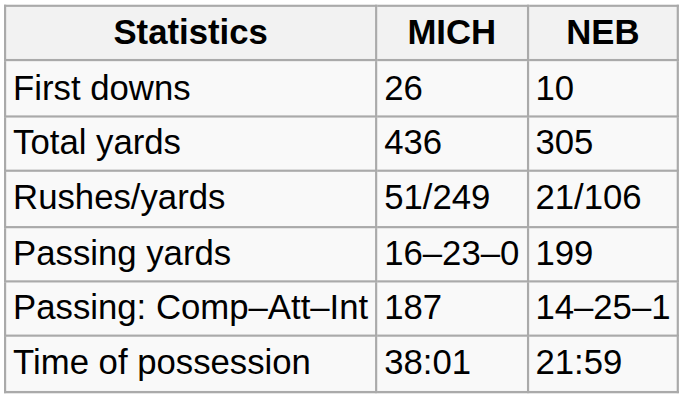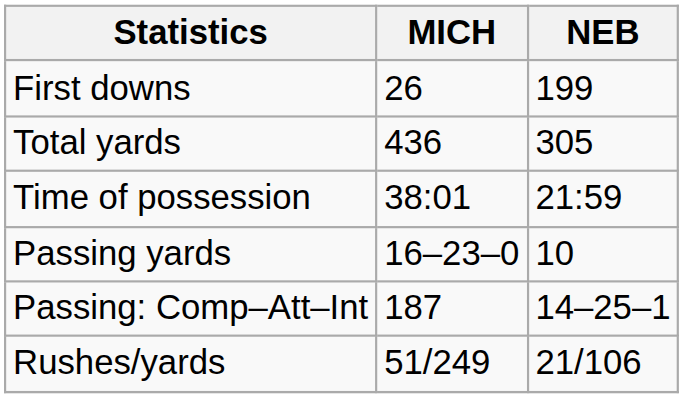 <table class="wikitable" style="float: left;">
 <tr>
 <th>Statistics</th>
 <th>MICH</th>
 <th>NEB</th>
 </tr>
 <tr>
 <td>First downs</td>
 <td>26</td>
-<td>10</td>
+<td>199</td>
 </tr>
 <tr>
 <td>Total yards</td>
 <td>436</td>
 <td>305</td>
 </tr>
 <tr>
-<td>Rushes/yards</td>
-<td>51/249</td>
-<td>21/106</td>
+<td>Time of possession</td>
+<td>38:01</td>
+<td>21:59</td>
 </tr>
 <tr>
 <td>Passing yards</td>
 <td>16–23–0</td>
-<td>199</td>
+<td>10</td>
 </tr>
 <tr>
 <td>Passing: Comp–Att–Int</td>
 <td>187</td>
 <td>14–25–1</td>
 </tr>
 <tr>
-<td>Time of possession</td>
-<td>38:01</td>
-<td>21:59</td>
+<td>Rushes/yards</td>
+<td>51/249</td>
+<td>21/106</td>
 </tr>
 <tr>
 </tr>
 </table>
